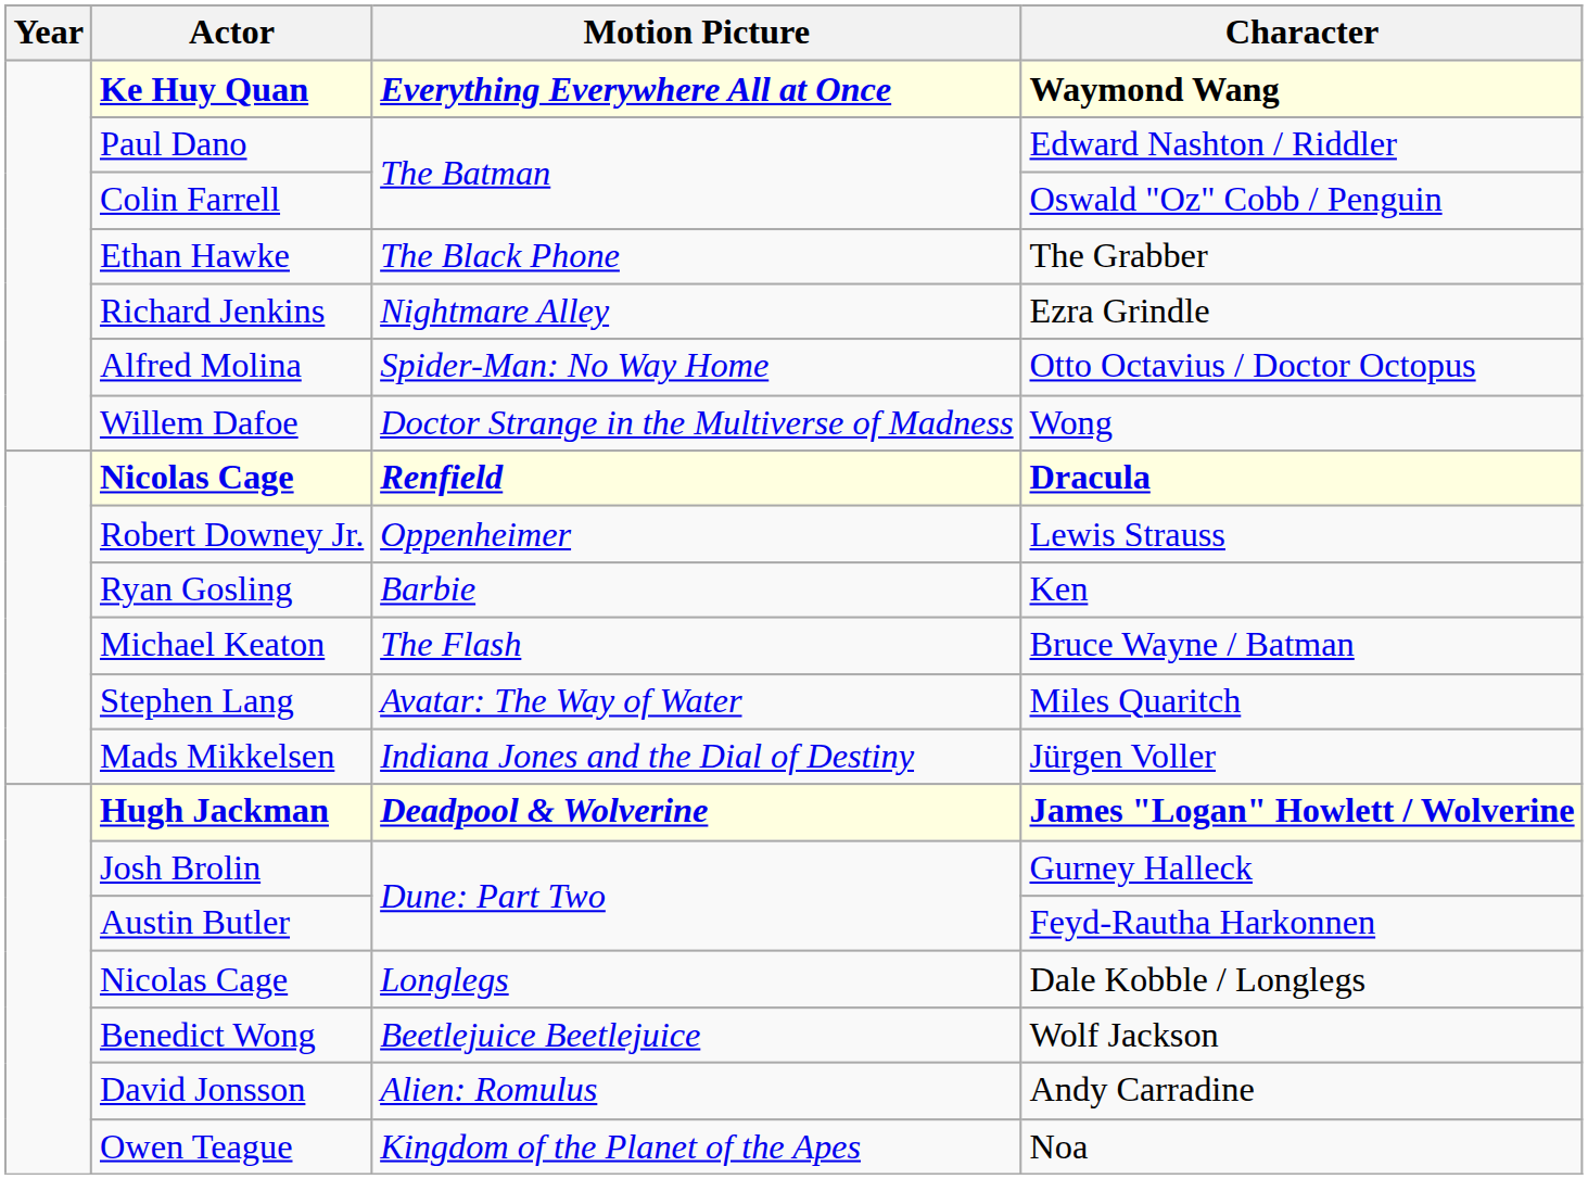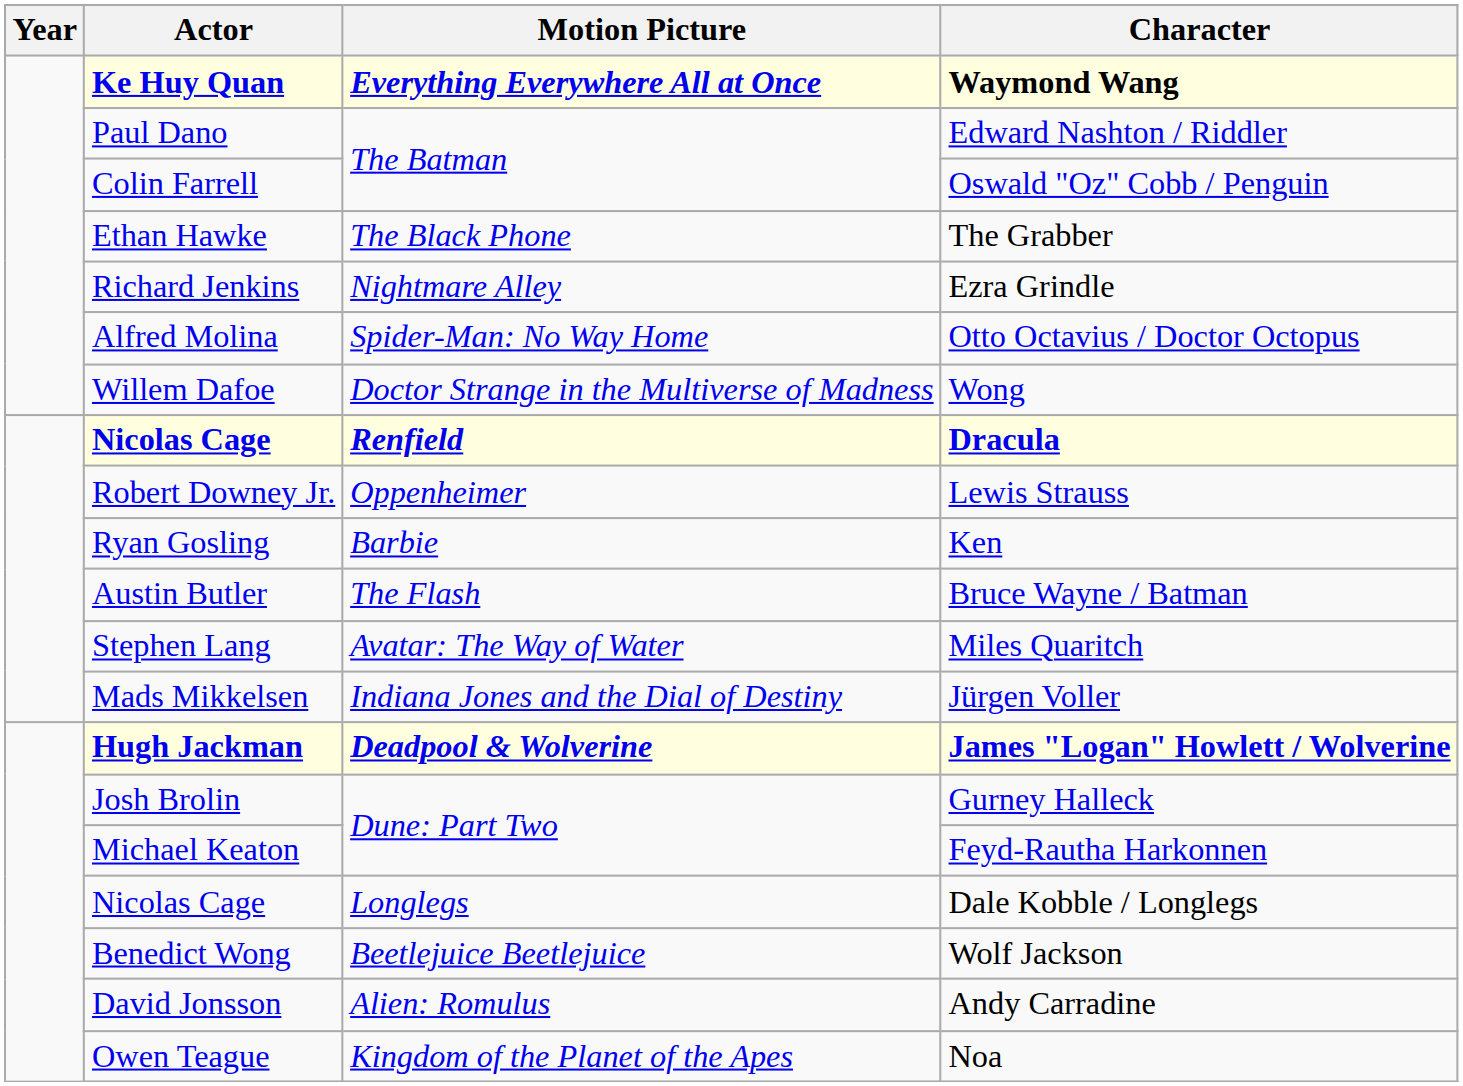 <table class="wikitable" align="centre">
 <tr>
 <th>Year</th>
 <th>Actor</th>
 <th>Motion Picture</th>
 <th>Character</th>
 </tr>
 <tr>
 <td rowspan=7></td>
 <td style="background:lightyellow"><strong><a href='#'>Ke Huy Quan</a></strong></td>
 <td style="background:lightyellow"><strong><em><a href='#'>Everything Everywhere All at Once</a></em></strong></td>
 <td style="background:lightyellow"><strong>Waymond Wang</strong></td>
 </tr>
 <tr>
 <td><a href='#'>Paul Dano</a></td>
 <td rowspan=2><em><a href='#'>The Batman</a></em></td>
 <td><a href='#'>Edward Nashton / Riddler</a></td>
 </tr>
 <tr>
 <td><a href='#'>Colin Farrell</a></td>
 <td><a href='#'>Oswald "Oz" Cobb / Penguin</a></td>
 </tr>
 <tr>
 <td><a href='#'>Ethan Hawke</a></td>
 <td><em><a href='#'>The Black Phone</a></em></td>
 <td>The Grabber</td>
 </tr>
 <tr>
 <td><a href='#'>Richard Jenkins</a></td>
 <td><em><a href='#'>Nightmare Alley</a></em></td>
 <td>Ezra Grindle</td>
 </tr>
 <tr>
 <td><a href='#'>Alfred Molina</a></td>
 <td><em><a href='#'>Spider-Man: No Way Home</a></em></td>
 <td><a href='#'>Otto Octavius / Doctor Octopus</a></td>
 </tr>
 <tr>
 <td><a href='#'>Willem Dafoe</a></td>
 <td><em><a href='#'>Doctor Strange in the Multiverse of Madness</a></em></td>
 <td><a href='#'>Wong</a></td>
 </tr>
 <tr>
 <td rowspan=6></td>
 <td style="background:lightyellow"><strong><a href='#'>Nicolas Cage</a></strong></td>
 <td style="background:lightyellow"><strong><em><a href='#'>Renfield</a></em></strong></td>
 <td style="background:lightyellow"><strong><a href='#'>Dracula</a></strong></td>
 </tr>
 <tr>
 <td><a href='#'>Robert Downey Jr.</a></td>
 <td><em><a href='#'>Oppenheimer</a></em></td>
 <td><a href='#'>Lewis Strauss</a></td>
 </tr>
 <tr>
 <td><a href='#'>Ryan Gosling</a></td>
 <td><em><a href='#'>Barbie</a></em></td>
 <td><a href='#'>Ken</a></td>
 </tr>
 <tr>
-<td><a href='#'>Michael Keaton</a></td>
+<td><a href='#'>Austin Butler</a></td>
 <td><em><a href='#'>The Flash</a></em></td>
 <td><a href='#'>Bruce Wayne / Batman</a></td>
 </tr>
 <tr>
 <td><a href='#'>Stephen Lang</a></td>
 <td><em><a href='#'>Avatar: The Way of Water</a></em></td>
 <td><a href='#'>Miles Quaritch</a></td>
 </tr>
 <tr>
 <td><a href='#'>Mads Mikkelsen</a></td>
 <td><em><a href='#'>Indiana Jones and the Dial of Destiny</a></em></td>
 <td><a href='#'>Jürgen Voller</a></td>
 </tr>
 <tr>
 <td rowspan=8></td>
 <td style="background:lightyellow"><strong><a href='#'>Hugh Jackman</a></strong></td>
 <td style="background:lightyellow"><strong><em><a href='#'>Deadpool & Wolverine</a></em></strong></td>
 <td style="background:lightyellow"><strong><a href='#'>James "Logan" Howlett / Wolverine</a></strong></td>
 </tr>
 <tr>
 <td><a href='#'>Josh Brolin</a></td>
 <td rowspan=2><em><a href='#'>Dune: Part Two</a></em></td>
 <td><a href='#'>Gurney Halleck</a></td>
 </tr>
 <tr>
-<td><a href='#'>Austin Butler</a></td>
+<td><a href='#'>Michael Keaton</a></td>
 <td><a href='#'>Feyd-Rautha Harkonnen</a></td>
 </tr>
 <tr>
 <td><a href='#'>Nicolas Cage</a></td>
 <td><em><a href='#'>Longlegs</a></em></td>
 <td>Dale Kobble / Longlegs</td>
 </tr>
 <tr>
 <td><a href='#'>Benedict Wong</a></td>
 <td><em><a href='#'>Beetlejuice Beetlejuice</a></em></td>
 <td>Wolf Jackson</td>
 </tr>
 <tr>
 <td><a href='#'>David Jonsson</a></td>
 <td><em><a href='#'>Alien: Romulus</a></em></td>
 <td>Andy Carradine</td>
 </tr>
 <tr>
 <td><a href='#'>Owen Teague</a></td>
 <td><em><a href='#'>Kingdom of the Planet of the Apes</a></em></td>
 <td>Noa</td>
 </tr>
 <tr>
 </tr>
 </table>
